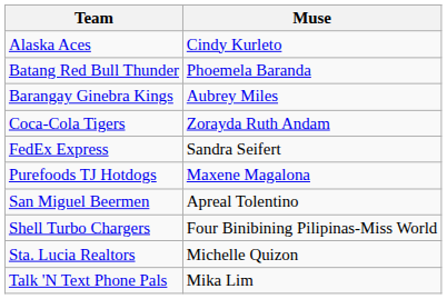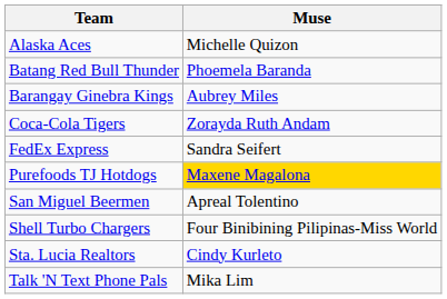 <table class="wikitable sortable sortable">
 <tr>
 <th style= style="width:45%;">Team</th>
 <th style= style="width:55%;">Muse</th>
 </tr>
 <tr>
 <td><a href='#'>Alaska Aces</a></td>
-<td><a href='#'>Cindy Kurleto</a></td>
+<td>Michelle Quizon</td>
 </tr>
 <tr>
 <td><a href='#'>Batang Red Bull Thunder</a></td>
 <td><a href='#'>Phoemela Baranda</a></td>
 </tr>
 <tr>
 <td><a href='#'>Barangay Ginebra Kings</a></td>
 <td><a href='#'>Aubrey Miles</a></td>
 </tr>
 <tr>
 <td><a href='#'>Coca-Cola Tigers</a></td>
 <td><a href='#'>Zorayda Ruth Andam</a></td>
 </tr>
 <tr>
 <td><a href='#'>FedEx Express</a></td>
 <td>Sandra Seifert</td>
 </tr>
 <tr>
 <td><a href='#'>Purefoods TJ Hotdogs</a></td>
-<td><a href='#'>Maxene Magalona</a></td>
+<td style="background: gold;"><a href='#'>Maxene Magalona</a></td>
 </tr>
 <tr>
 <td><a href='#'>San Miguel Beermen</a></td>
 <td>Apreal Tolentino</td>
 </tr>
 <tr>
 <td><a href='#'>Shell Turbo Chargers</a></td>
 <td>Four Binibining Pilipinas-Miss World</td>
 </tr>
 <tr>
 <td><a href='#'>Sta. Lucia Realtors</a></td>
-<td>Michelle Quizon</td>
+<td><a href='#'>Cindy Kurleto</a></td>
 </tr>
 <tr>
 <td><a href='#'>Talk 'N Text Phone Pals</a></td>
 <td>Mika Lim</td>
 </tr>
 </table>
